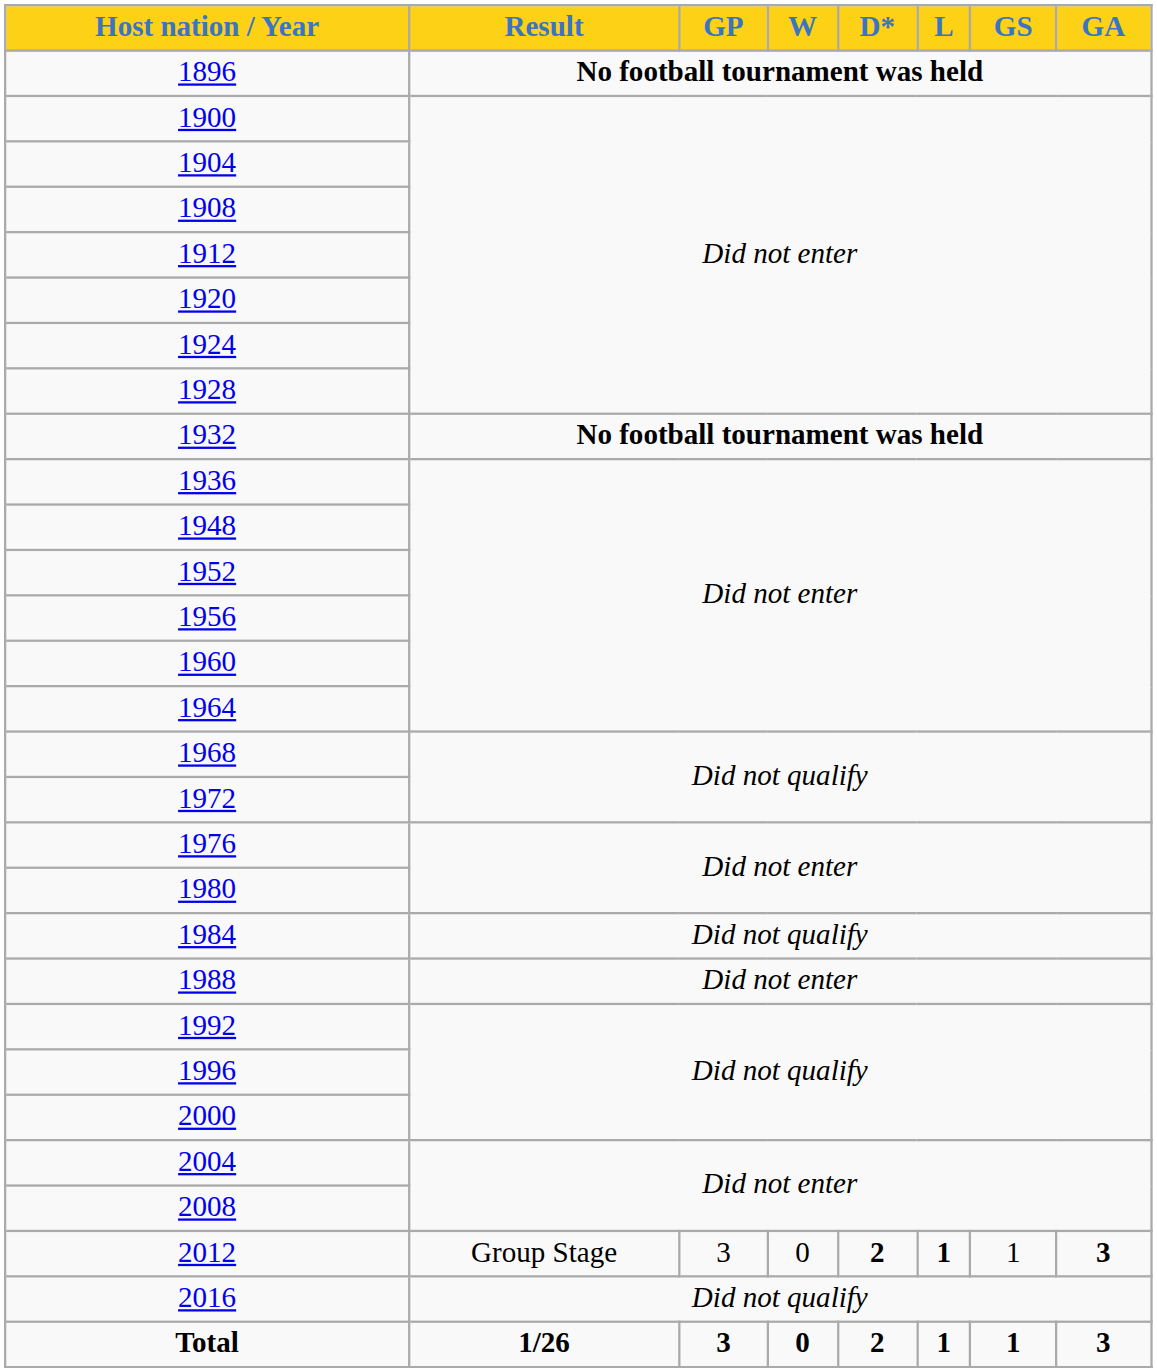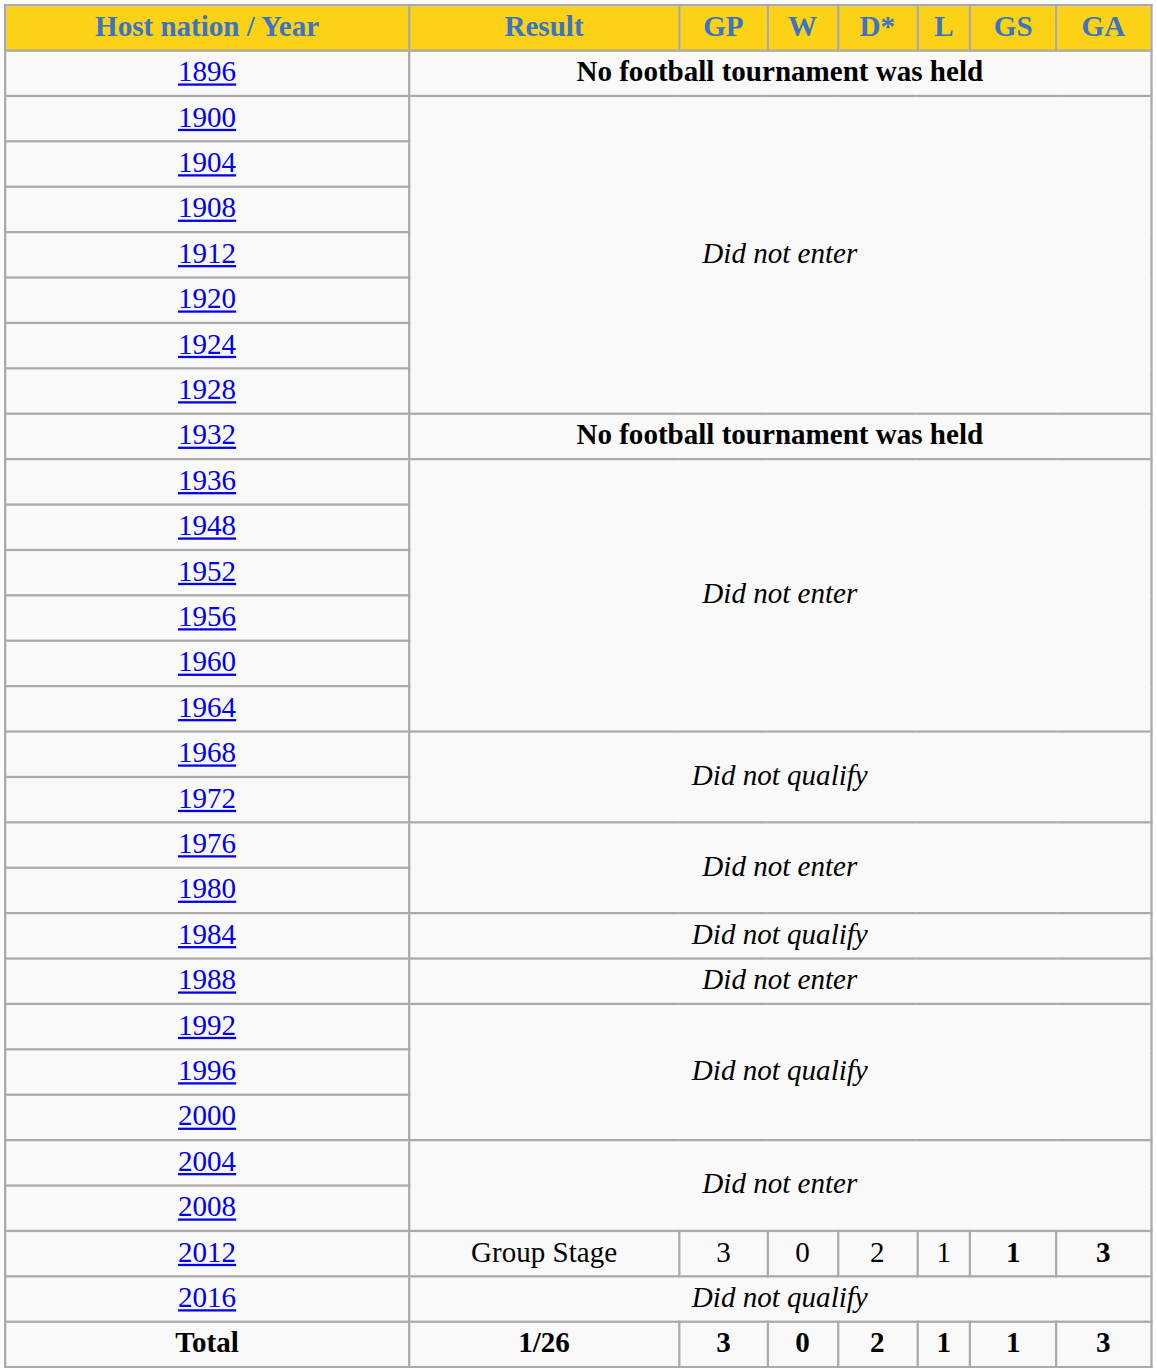 <table align=border width=40% border=1 cellpadding="2" cellspacing="0" style="background: #f9f9f9; border: 1px #aaa solid; border-collapse: collapse; font-size: 80%; text-align: center;">
 <tr align=center bgcolor=#FCD116 style="color:#3A75C4">
 <th>Host nation / Year</th>
 <th>Result</th>
 <th>GP</th>
 <th>W</th>
 <th>D*</th>
 <th>L</th>
 <th>GS</th>
 <th>GA</th>
 </tr>
 <tr>
 <td> <a href='#'>1896</a></td>
 <td colspan="7"><strong>No football tournament was held</strong></td>
 </tr>
 <tr>
 <td> <a href='#'>1900</a></td>
 <td colspan="7" rowspan="7"><em>Did not enter</em></td>
 </tr>
 <tr>
 <td> <a href='#'>1904</a></td>
 </tr>
 <tr>
 <td> <a href='#'>1908</a></td>
 </tr>
 <tr>
 <td> <a href='#'>1912</a></td>
 </tr>
 <tr>
 <td> <a href='#'>1920</a></td>
 </tr>
 <tr>
 <td> <a href='#'>1924</a></td>
 </tr>
 <tr>
 <td> <a href='#'>1928</a></td>
 </tr>
 <tr>
 <td> <a href='#'>1932</a></td>
 <td colspan="7"><strong>No football tournament was held</strong></td>
 </tr>
 <tr>
 <td> <a href='#'>1936</a></td>
 <td colspan="7" rowspan="6"><em>Did not enter</em></td>
 </tr>
 <tr>
 <td> <a href='#'>1948</a></td>
 </tr>
 <tr>
 <td> <a href='#'>1952</a></td>
 </tr>
 <tr>
 <td> <a href='#'>1956</a></td>
 </tr>
 <tr>
 <td> <a href='#'>1960</a></td>
 </tr>
 <tr>
 <td> <a href='#'>1964</a></td>
 </tr>
 <tr>
 <td> <a href='#'>1968</a></td>
 <td colspan="7" rowspan="2"><em>Did not qualify</em></td>
 </tr>
 <tr>
 <td> <a href='#'>1972</a></td>
 </tr>
 <tr>
 <td> <a href='#'>1976</a></td>
 <td colspan="7" rowspan="2"><em>Did not enter</em></td>
 </tr>
 <tr>
 <td> <a href='#'>1980</a></td>
 </tr>
 <tr>
 <td> <a href='#'>1984</a></td>
 <td colspan="7"><em>Did not qualify</em></td>
 </tr>
 <tr>
 <td> <a href='#'>1988</a></td>
 <td colspan="7"><em>Did not enter</em></td>
 </tr>
 <tr>
 <td> <a href='#'>1992</a></td>
 <td colspan="7" rowspan="3"><em>Did not qualify</em></td>
 </tr>
 <tr>
 <td> <a href='#'>1996</a></td>
 </tr>
 <tr>
 <td> <a href='#'>2000</a></td>
 </tr>
 <tr>
 <td> <a href='#'>2004</a></td>
 <td colspan="7" rowspan="2"><em>Did not enter</em></td>
 </tr>
 <tr>
 <td> <a href='#'>2008</a></td>
 </tr>
 <tr>
 <td> <a href='#'>2012</a></td>
 <td>Group Stage</td>
 <td>3</td>
 <td>0</td>
-<td><strong>2</strong></td>
+<td>2</td>
+<td>1</td>
 <td><strong>1</strong></td>
-<td>1</td>
 <td><strong>3</strong></td>
 </tr>
 <tr>
 <td> <a href='#'>2016</a></td>
 <td colspan="7" rowspan="1"><em>Did not qualify</em></td>
 </tr>
 <tr>
 <th><strong>Total</strong></th>
 <th>1/26</th>
 <th>3</th>
 <th>0</th>
 <th>2</th>
 <th>1</th>
 <th>1</th>
 <th>3</th>
 </tr>
 <tr>
 </tr>
 </table>
